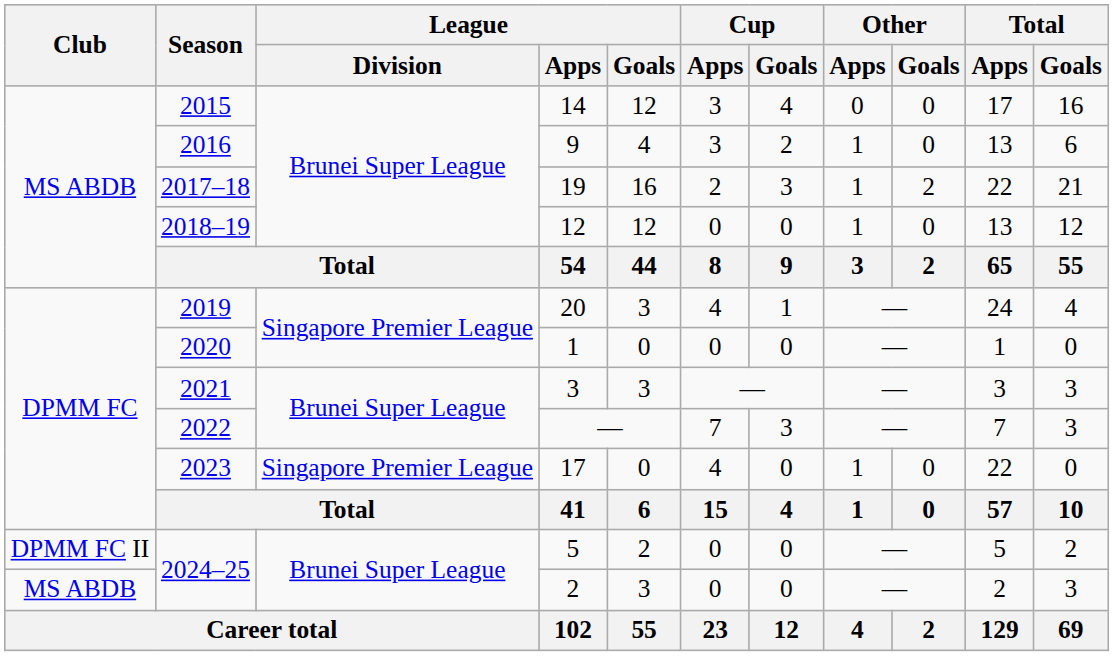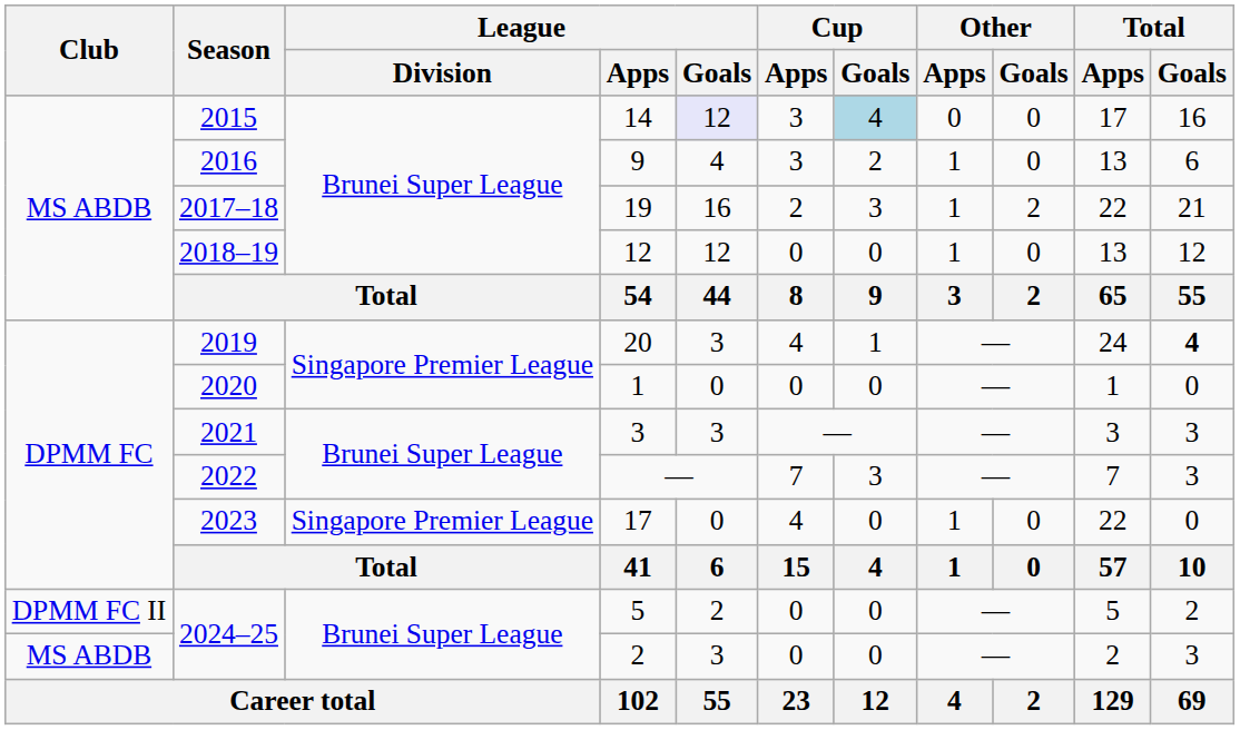 <table class="wikitable" style="text-align: center">
 <tr>
 <th rowspan="2">Club</th>
 <th rowspan="2">Season</th>
 <th colspan="3">League</th>
 <th colspan="2">Cup</th>
 <th colspan="2">Other</th>
 <th colspan="2">Total</th>
 </tr>
 <tr>
 <th>Division</th>
 <th>Apps</th>
 <th>Goals</th>
 <th>Apps</th>
 <th>Goals</th>
 <th>Apps</th>
 <th>Goals</th>
 <th>Apps</th>
 <th>Goals</th>
 </tr>
 <tr>
 <td rowspan="5"><a href='#'>MS ABDB</a></td>
 <td><a href='#'>2015</a></td>
 <td rowspan="4"><a href='#'>Brunei Super League</a></td>
 <td>14</td>
-<td>12</td>
+<td style="background: lavender;">12</td>
 <td>3</td>
-<td>4</td>
+<td style="background: lightblue;">4</td>
 <td>0</td>
 <td>0</td>
 <td>17</td>
 <td>16</td>
 </tr>
 <tr>
 <td><a href='#'>2016</a></td>
 <td>9</td>
 <td>4</td>
 <td>3</td>
 <td>2</td>
 <td>1</td>
 <td>0</td>
 <td>13</td>
 <td>6</td>
 </tr>
 <tr>
 <td><a href='#'>2017–18</a></td>
 <td>19</td>
 <td>16</td>
 <td>2</td>
 <td>3</td>
 <td>1</td>
 <td>2</td>
 <td>22</td>
 <td>21</td>
 </tr>
 <tr>
 <td><a href='#'>2018–19</a></td>
 <td>12</td>
 <td>12</td>
 <td>0</td>
 <td>0</td>
 <td>1</td>
 <td>0</td>
 <td>13</td>
 <td>12</td>
 </tr>
 <tr>
 <th colspan=2>Total</th>
 <th>54</th>
 <th>44</th>
 <th>8</th>
 <th>9</th>
 <th>3</th>
 <th>2</th>
 <th>65</th>
 <th>55</th>
 </tr>
 <tr>
 <td rowspan="6"><a href='#'>DPMM FC</a></td>
 <td><a href='#'>2019</a></td>
 <td rowspan="2"><a href='#'>Singapore Premier League</a></td>
 <td>20</td>
 <td>3</td>
 <td>4</td>
 <td>1</td>
 <td colspan="2">—</td>
 <td>24</td>
-<td>4</td>
+<td><strong>4</strong></td>
 </tr>
 <tr>
 <td><a href='#'>2020</a></td>
 <td>1</td>
 <td>0</td>
 <td>0</td>
 <td>0</td>
 <td colspan="2">—</td>
 <td>1</td>
 <td>0</td>
 </tr>
 <tr>
 <td><a href='#'>2021</a></td>
 <td rowspan="2"><a href='#'>Brunei Super League</a></td>
 <td>3</td>
 <td>3</td>
 <td colspan="2">—</td>
 <td colspan="2">—</td>
 <td>3</td>
 <td>3</td>
 </tr>
 <tr>
 <td><a href='#'>2022</a></td>
 <td colspan="2">—</td>
 <td>7</td>
 <td>3</td>
 <td colspan="2">—</td>
 <td>7</td>
 <td>3</td>
 </tr>
 <tr>
 <td><a href='#'>2023</a></td>
 <td><a href='#'>Singapore Premier League</a></td>
 <td>17</td>
 <td>0</td>
 <td>4</td>
 <td>0</td>
 <td>1</td>
 <td>0</td>
 <td>22</td>
 <td>0</td>
 </tr>
 <tr>
 <th colspan=2>Total</th>
 <th>41</th>
 <th>6</th>
 <th>15</th>
 <th>4</th>
 <th>1</th>
 <th>0</th>
 <th>57</th>
 <th>10</th>
 </tr>
 <tr>
 <td><a href='#'>DPMM FC</a> II</td>
 <td rowspan="2"><a href='#'>2024–25</a></td>
 <td rowspan="2"><a href='#'>Brunei Super League</a></td>
 <td>5</td>
 <td>2</td>
 <td>0</td>
 <td>0</td>
 <td colspan="2">—</td>
 <td>5</td>
 <td>2</td>
 </tr>
 <tr>
 <td><a href='#'>MS ABDB</a></td>
 <td>2</td>
 <td>3</td>
 <td>0</td>
 <td>0</td>
 <td colspan="2">—</td>
 <td>2</td>
 <td>3</td>
 </tr>
 <tr>
 <th colspan=3>Career total</th>
 <th>102</th>
 <th>55</th>
 <th>23</th>
 <th>12</th>
 <th>4</th>
 <th>2</th>
 <th>129</th>
 <th>69</th>
 </tr>
 </table>
